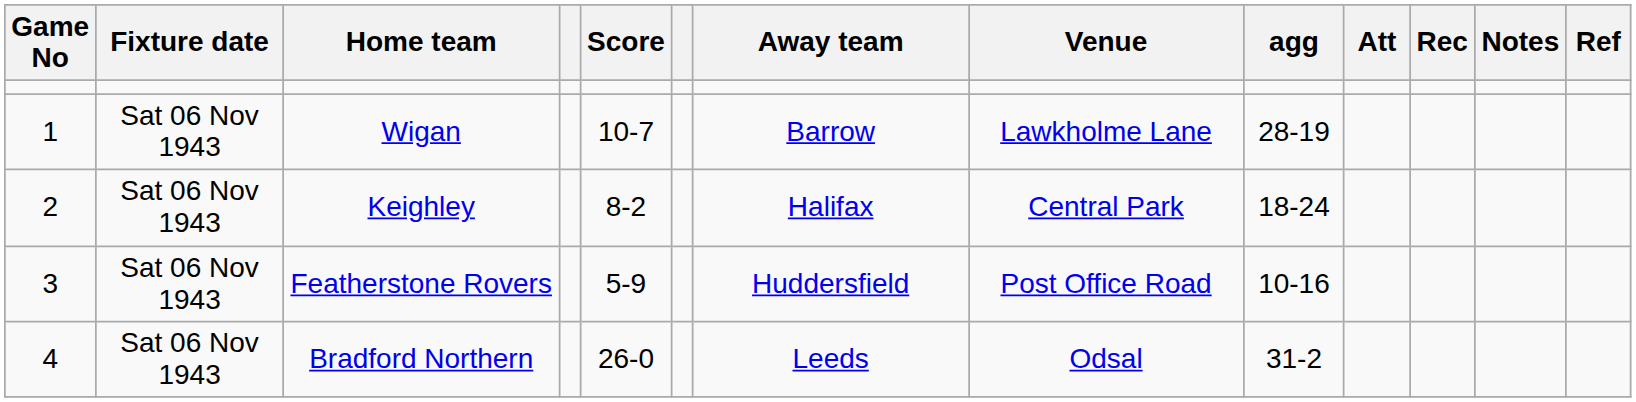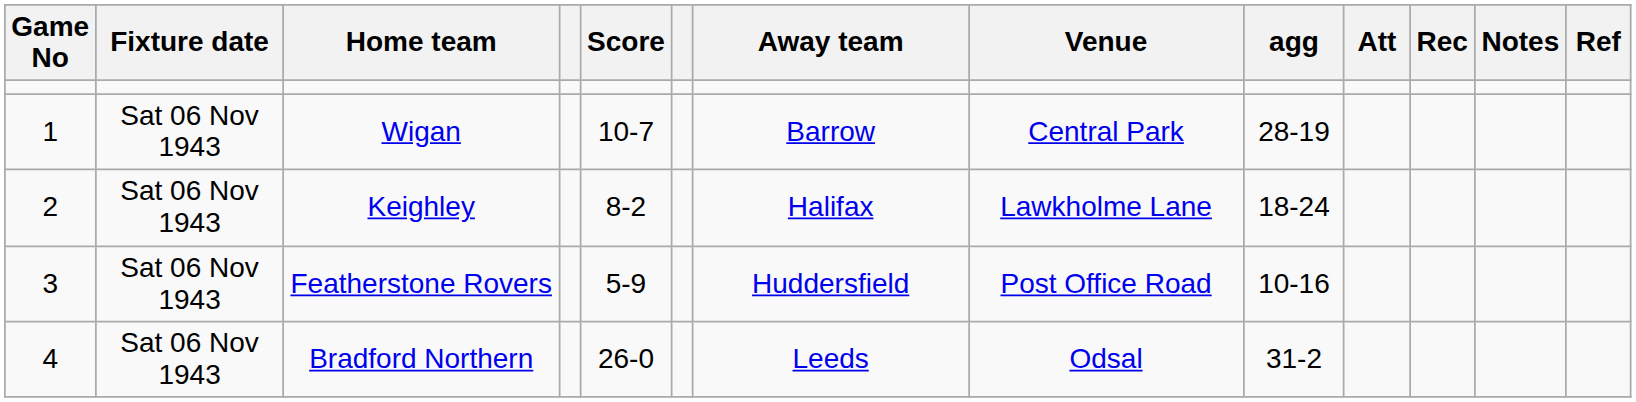 <table class="wikitable" style="text-align:center;">
 <tr>
 <th width=20 abbr="No">Game No</th>
 <th width=100 abbr="Date">Fixture date</th>
 <th width=150 abbr="Home team">Home team</th>
 <th width=5 abbr="space"></th>
 <th width=20 abbr="Score">Score</th>
 <th width=5 abbr="space"></th>
 <th width=150 abbr="Away team">Away team</th>
 <th width=150 abbr="Venue">Venue</th>
 <th width=50 abbr="agg">agg</th>
 <th width=30 abbr="Att">Att</th>
 <th width=30 abbr="Rec">Rec</th>
 <th width=20 abbr="Notes">Notes</th>
 <th width=30 abbr="Ref">Ref</th>
 </tr>
 <tr>
 <td></td>
 <td></td>
 <td></td>
 <td></td>
 <td></td>
 <td></td>
 <td></td>
 <td></td>
 <td></td>
 <td></td>
 <td></td>
 <td></td>
 </tr>
 <tr>
 <td>1</td>
 <td>Sat 06 Nov 1943</td>
 <td><a href='#'>Wigan</a></td>
 <td></td>
 <td>10-7</td>
 <td></td>
 <td><a href='#'>Barrow</a></td>
-<td><a href='#'>Lawkholme Lane</a></td>
+<td><a href='#'>Central Park</a></td>
 <td>28-19</td>
 <td></td>
 <td></td>
 <td></td>
 <td></td>
 </tr>
 <tr>
 <td>2</td>
 <td>Sat 06 Nov 1943</td>
 <td><a href='#'>Keighley</a></td>
 <td></td>
 <td>8-2</td>
 <td></td>
 <td><a href='#'>Halifax</a></td>
-<td><a href='#'>Central Park</a></td>
+<td><a href='#'>Lawkholme Lane</a></td>
 <td>18-24</td>
 <td></td>
 <td></td>
 <td></td>
 <td></td>
 </tr>
 <tr>
 <td>3</td>
 <td>Sat 06 Nov 1943</td>
 <td><a href='#'>Featherstone Rovers</a></td>
 <td></td>
 <td>5-9</td>
 <td></td>
 <td><a href='#'>Huddersfield</a></td>
 <td><a href='#'>Post Office Road</a></td>
 <td>10-16</td>
 <td></td>
 <td></td>
 <td></td>
 <td></td>
 </tr>
 <tr>
 <td>4</td>
 <td>Sat 06 Nov 1943</td>
 <td><a href='#'>Bradford Northern</a></td>
 <td></td>
 <td>26-0</td>
 <td></td>
 <td><a href='#'>Leeds</a></td>
 <td><a href='#'>Odsal</a></td>
 <td>31-2</td>
 <td></td>
 <td></td>
 <td></td>
 <td></td>
 </tr>
 </table>
